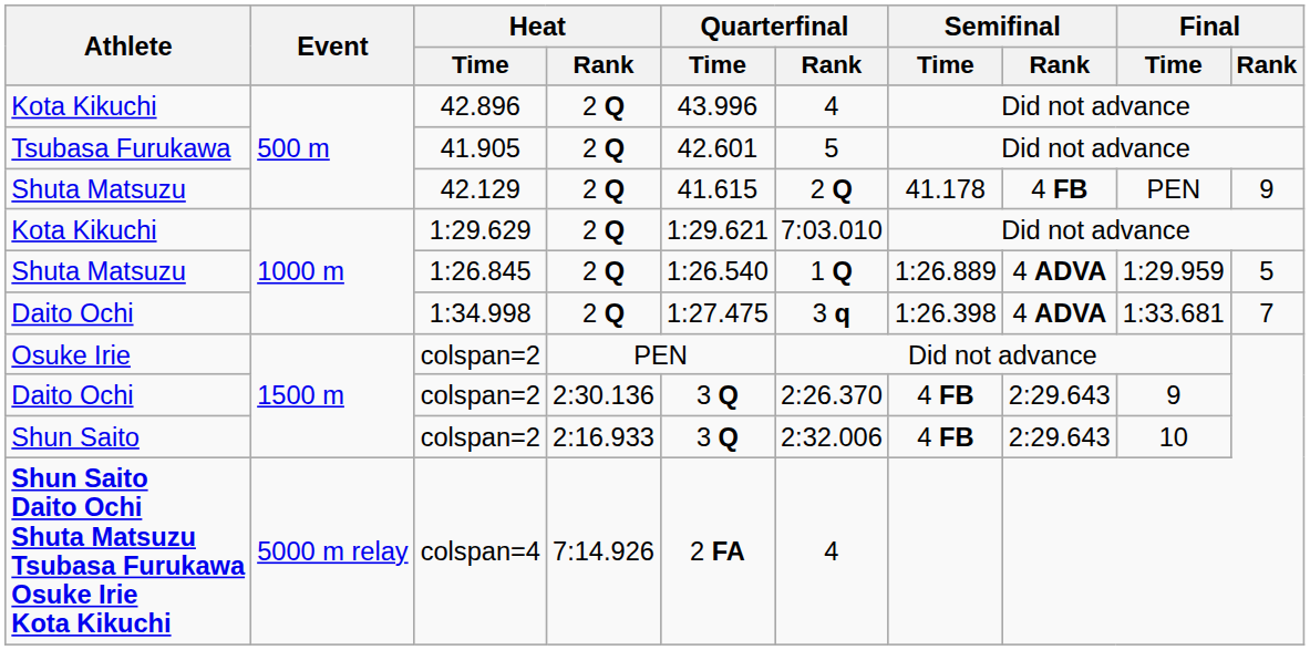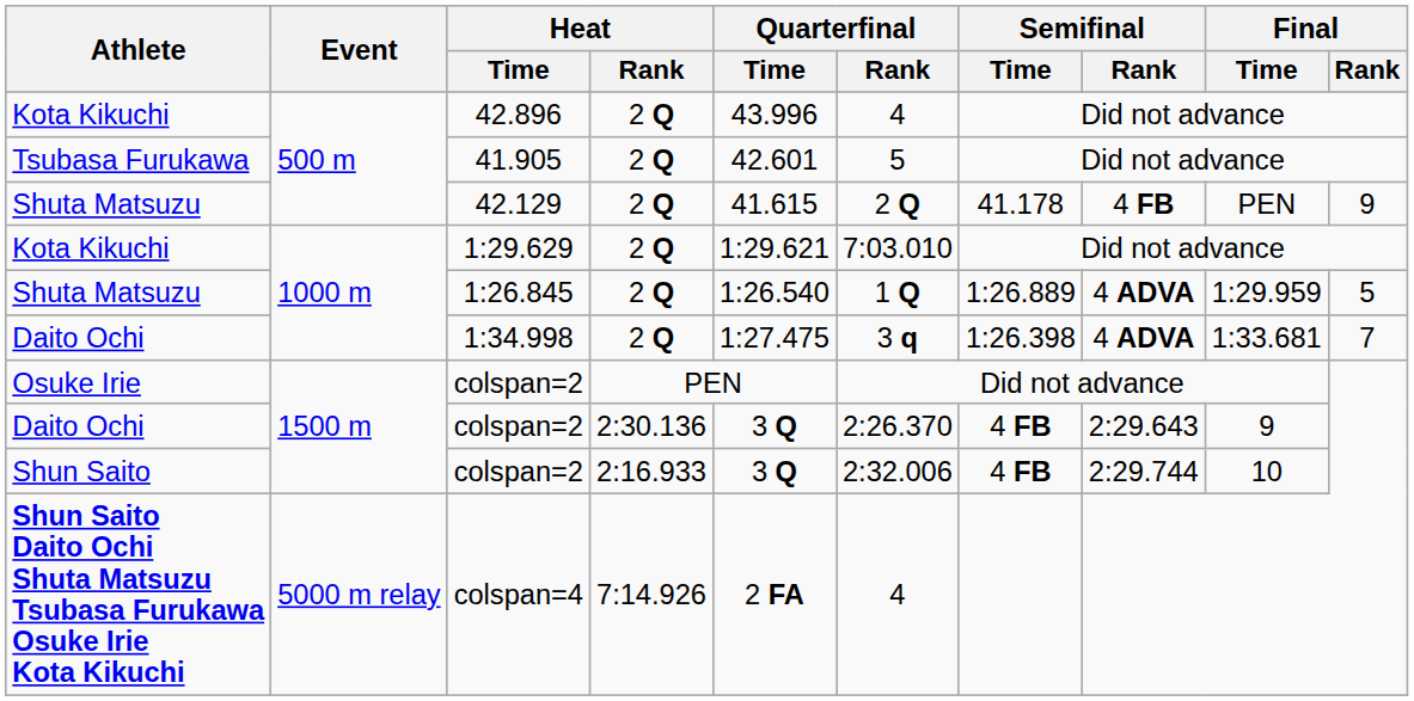 <table class="wikitable" style="font-size:90%">
 <tr>
 <th rowspan=2>Athlete</th>
 <th rowspan=2>Event</th>
 <th colspan=2>Heat</th>
 <th colspan=2>Quarterfinal</th>
 <th colspan=2>Semifinal</th>
 <th colspan=2>Final</th>
 </tr>
 <tr style="font-size:95%">
 <th>Time</th>
 <th>Rank</th>
 <th>Time</th>
 <th>Rank</th>
 <th>Time</th>
 <th>Rank</th>
 <th>Time</th>
 <th>Rank</th>
 </tr>
 <tr align=center>
 <td align=left><a href='#'>Kota Kikuchi</a></td>
 <td align=left rowspan=3><a href='#'>500 m</a></td>
 <td>42.896</td>
 <td>2 <strong>Q</strong></td>
 <td>43.996</td>
 <td>4</td>
 <td colspan=4>Did not advance</td>
 </tr>
 <tr align=center>
 <td align=left><a href='#'>Tsubasa Furukawa</a></td>
 <td>41.905</td>
 <td>2 <strong>Q</strong></td>
 <td>42.601</td>
 <td>5</td>
 <td colspan=4>Did not advance</td>
 </tr>
 <tr align=center>
 <td align=left><a href='#'>Shuta Matsuzu</a></td>
 <td>42.129</td>
 <td>2 <strong>Q</strong></td>
 <td>41.615</td>
 <td>2 <strong>Q</strong></td>
 <td>41.178</td>
 <td>4 <strong>FB</strong></td>
 <td>PEN</td>
 <td>9</td>
 </tr>
 <tr align=center>
 <td align=left><a href='#'>Kota Kikuchi</a></td>
 <td align=left rowspan=3><a href='#'>1000 m</a></td>
 <td>1:29.629</td>
 <td>2 <strong>Q</strong></td>
 <td>1:29.621</td>
 <td>7:03.010</td>
 <td colspan=4>Did not advance</td>
 </tr>
 <tr align=center>
 <td align=left><a href='#'>Shuta Matsuzu</a></td>
 <td>1:26.845</td>
 <td>2 <strong>Q</strong></td>
 <td>1:26.540</td>
 <td>1 <strong>Q</strong></td>
 <td>1:26.889</td>
 <td>4 <strong>ADVA</strong></td>
 <td>1:29.959</td>
 <td>5</td>
 </tr>
 <tr align=center>
 <td align=left><a href='#'>Daito Ochi</a></td>
 <td>1:34.998</td>
 <td>2 <strong>Q</strong></td>
 <td>1:27.475</td>
 <td>3 <strong>q</strong></td>
 <td>1:26.398</td>
 <td>4 <strong>ADVA</strong></td>
 <td>1:33.681</td>
 <td>7</td>
 </tr>
 <tr align=center>
 <td align=left><a href='#'>Osuke Irie</a></td>
 <td align=left rowspan=3><a href='#'>1500 m</a></td>
 <td>colspan=2 </td>
 <td colspan=2>PEN</td>
 <td colspan=4>Did not advance</td>
 </tr>
 <tr align=center>
 <td align=left><a href='#'>Daito Ochi</a></td>
 <td>colspan=2 </td>
 <td>2:30.136</td>
 <td>3 <strong>Q</strong></td>
 <td>2:26.370</td>
 <td>4 <strong>FB</strong></td>
 <td>2:29.643</td>
 <td>9</td>
 </tr>
 <tr align=center>
 <td align=left><a href='#'>Shun Saito</a></td>
 <td>colspan=2 </td>
 <td>2:16.933</td>
 <td>3 <strong>Q</strong></td>
 <td>2:32.006</td>
 <td>4 <strong>FB</strong></td>
-<td>2:29.643</td>
+<td>2:29.744</td>
 <td>10</td>
 </tr>
 <tr align=center>
 <td align=left><strong><a href='#'>Shun Saito</a><br><a href='#'>Daito Ochi</a><br><a href='#'>Shuta Matsuzu</a><br><a href='#'>Tsubasa Furukawa</a><br><a href='#'>Osuke Irie</a><br><a href='#'>Kota Kikuchi</a></strong></td>
 <td align=left><a href='#'>5000 m relay</a></td>
 <td>colspan=4 </td>
 <td>7:14.926</td>
 <td>2 <strong>FA</strong></td>
 <td>4</td>
 <td></td>
 </tr>
 </table>
